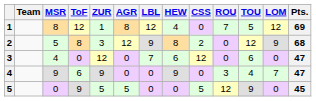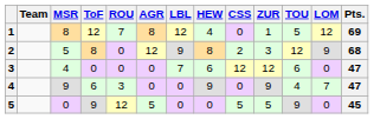 <table class="wikitable" style="font-size:77%; text-align:center">
 <tr>
 <th></th>
 <th>Team</th>
 <th><a href='#'>MSR</a></th>
 <th><a href='#'>ToF</a></th>
-<th><a href='#'>ZUR</a></th>
+<th><a href='#'>ROU</a></th>
 <th><a href='#'>AGR</a></th>
 <th><a href='#'>LBL</a></th>
 <th><a href='#'>HEW</a></th>
 <th><a href='#'>CSS</a></th>
-<th><a href='#'>ROU</a></th>
+<th><a href='#'>ZUR</a></th>
 <th><a href='#'>TOU</a></th>
 <th><a href='#'>LOM</a></th>
 <th>Pts.</th>
 </tr>
 <tr>
 <th>1</th>
 <td style="text-align:left;"></td>
 <td style="background:#ffdf9f;">8</td>
 <td style="background:#FFFFBF;">12</td>
-<td style="background:#dfffdf;">1</td>
+<td style="background:#dfffdf;">7</td>
 <td style="background:#ffdf9f;">8</td>
 <td style="background:#FFFFBF;">12</td>
 <td style="background:#dfffdf;">4</td>
 <td style="background:#EFCFFF;">0</td>
-<td style="background:#dfffdf;">7</td>
+<td style="background:#dfffdf;">1</td>
 <td style="background:#dfffdf;">5</td>
 <td style="background:#FFFFBF;">12</td>
 <th>69</th>
 </tr>
 <tr>
 <th>2</th>
 <td style="text-align:left;"></td>
 <td style="background:#dfffdf;">5</td>
 <td style="background:#ffdf9f;">8</td>
-<td style="background:#dfffdf;">3</td>
+<td style="background:#EFCFFF;">0</td>
 <td style="background:#FFFFBF;">12</td>
 <td style="background:#dfdfdf;">9</td>
 <td style="background:#ffdf9f;">8</td>
 <td style="background:#dfffdf;">2</td>
-<td style="background:#EFCFFF;">0</td>
+<td style="background:#dfffdf;">3</td>
 <td style="background:#FFFFBF;">12</td>
 <td style="background:#dfdfdf;">9</td>
 <th>68</th>
 </tr>
 <tr>
 <th>3</th>
 <td style="text-align:left;"></td>
 <td style="background:#dfffdf;">4</td>
 <td style="background:#EFCFFF;">0</td>
-<td style="background:#FFFFBF;">12</td>
+<td style="background:#EFCFFF;">0</td>
 <td style="background:#EFCFFF;">0</td>
 <td style="background:#dfffdf;">7</td>
 <td style="background:#dfffdf;">6</td>
 <td style="background:#FFFFBF;">12</td>
-<td style="background:#EFCFFF;">0</td>
+<td style="background:#FFFFBF;">12</td>
 <td style="background:#dfffdf;">6</td>
 <td style="background:#EFCFFF;">0</td>
 <th>47</th>
 </tr>
 <tr>
 <th>4</th>
 <td style="text-align:left;"></td>
 <td style="background:#dfdfdf;">9</td>
 <td style="background:#dfffdf;">6</td>
-<td style="background:#dfdfdf;">9</td>
+<td style="background:#dfffdf;">3</td>
 <td style="background:#EFCFFF;">0</td>
 <td style="background:#EFCFFF;">0</td>
 <td style="background:#dfdfdf;">9</td>
 <td style="background:#EFCFFF;">0</td>
-<td style="background:#dfffdf;">3</td>
+<td style="background:#dfdfdf;">9</td>
 <td style="background:#dfffdf;">4</td>
 <td style="background:#dfffdf;">7</td>
 <th>47</th>
 </tr>
 <tr>
 <th>5</th>
 <td style="text-align:left;"></td>
 <td style="background:#EFCFFF;">0</td>
 <td style="background:#dfdfdf;">9</td>
-<td style="background:#dfffdf;">5</td>
+<td style="background:#FFFFBF;">12</td>
 <td style="background:#dfffdf;">5</td>
 <td style="background:#EFCFFF;">0</td>
 <td style="background:#EFCFFF;">0</td>
 <td style="background:#dfffdf;">5</td>
-<td style="background:#FFFFBF;">12</td>
+<td style="background:#dfffdf;">5</td>
 <td style="background:#dfdfdf;">9</td>
 <td style="background:#EFCFFF;">0</td>
 <th>45</th>
 </tr>
 </table>
